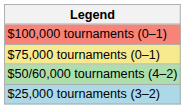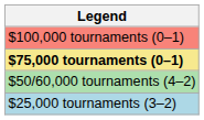 <table class="wikitable" style="font-size:85%">
 <tr>
 <th>Legend</th>
 </tr>
 <tr style="background:#f88379;">
 <td>$100,000 tournaments (0–1)</td>
 </tr>
 <tr style="background:#f7e98e;">
-<td>$75,000 tournaments (0–1)</td>
+<td><strong>$75,000 tournaments (0–1)</strong></td>
 </tr>
 <tr style="background:#addfad;">
 <td>$50/60,000 tournaments (4–2)</td>
 </tr>
 <tr style="background:lightblue;">
 <td>$25,000 tournaments (3–2)</td>
 </tr>
 </table>
